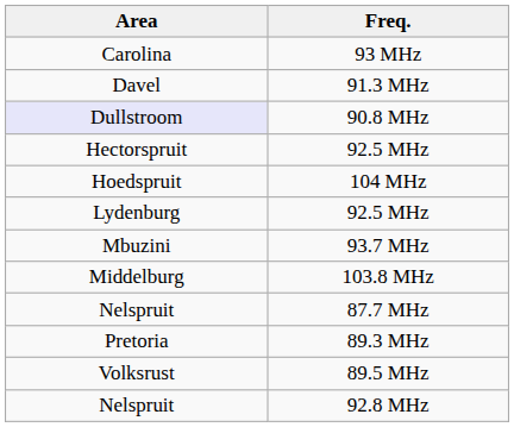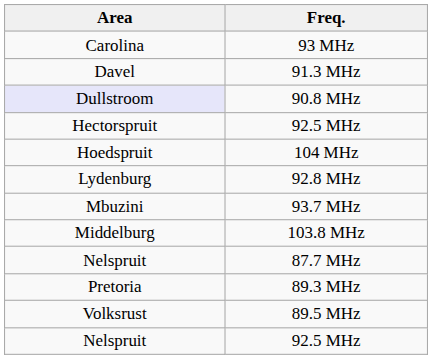 <table class="wikitable sortable" style="text-align:center; width:400px; height:200px;">
 <tr>
 <td style="text-align:center; background:#f0f0f0;"><strong>Area</strong></td>
 <td style="text-align:center; background:#f0f0f0;"><strong>Freq.</strong></td>
 </tr>
 <tr>
 <td>Carolina</td>
 <td>93 MHz</td>
 </tr>
 <tr>
 <td>Davel</td>
 <td>91.3 MHz</td>
 </tr>
 <tr>
 <td style="background: lavender;">Dullstroom</td>
 <td>90.8 MHz</td>
 </tr>
 <tr>
 <td>Hectorspruit</td>
 <td>92.5 MHz</td>
 </tr>
 <tr>
 <td>Hoedspruit</td>
 <td>104 MHz</td>
 </tr>
 <tr>
 <td>Lydenburg</td>
-<td>92.5 MHz</td>
+<td>92.8 MHz</td>
 </tr>
 <tr>
 <td>Mbuzini</td>
 <td>93.7 MHz</td>
 </tr>
 <tr>
 <td>Middelburg</td>
 <td>103.8 MHz</td>
 </tr>
 <tr>
 <td>Nelspruit</td>
 <td>87.7 MHz</td>
 </tr>
 <tr>
 <td>Pretoria</td>
 <td>89.3 MHz</td>
 </tr>
 <tr>
 <td>Volksrust</td>
 <td>89.5 MHz</td>
 </tr>
 <tr>
 <td>Nelspruit</td>
-<td>92.8 MHz</td>
+<td>92.5 MHz</td>
 </tr>
 </table>
